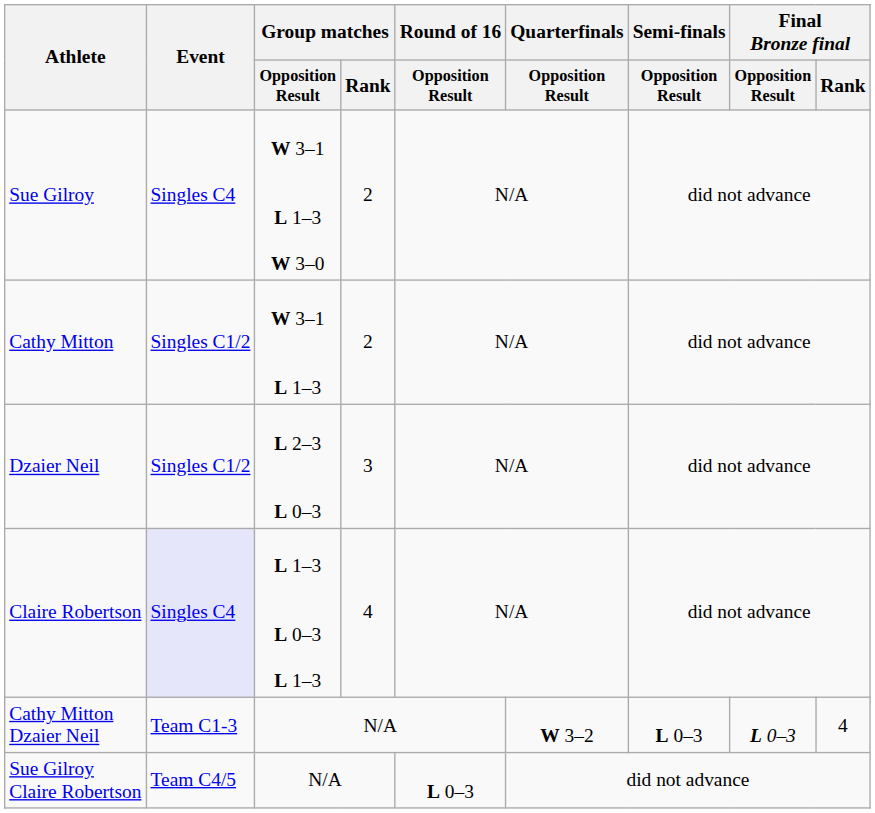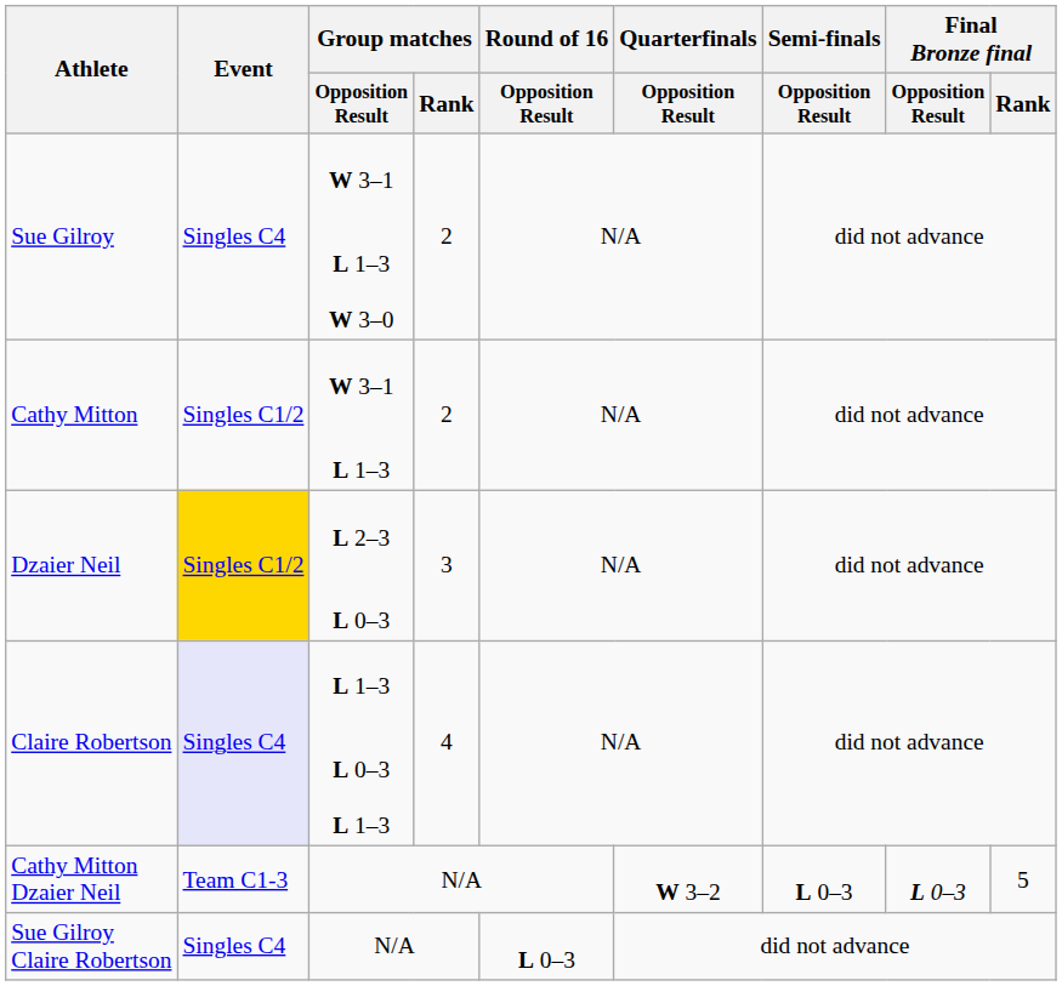 <table class=wikitable style="font-size:90%">
 <tr>
 <th rowspan="2">Athlete</th>
 <th rowspan="2">Event</th>
 <th colspan="2">Group matches</th>
 <th>Round of 16</th>
 <th>Quarterfinals</th>
 <th>Semi-finals</th>
 <th colspan="2">Final<br><em>Bronze final</em></th>
 </tr>
 <tr>
 <th style="line-height:1em"><small>Opposition<br>Result</small></th>
 <th>Rank</th>
 <th style="line-height:1em"><small>Opposition<br>Result</small></th>
 <th style="line-height:1em"><small>Opposition<br>Result</small></th>
 <th style="line-height:1em"><small>Opposition<br>Result</small></th>
 <th style="line-height:1em"><small>Opposition<br>Result</small></th>
 <th>Rank</th>
 </tr>
 <tr>
 <td><a href='#'>Sue Gilroy</a></td>
 <td><a href='#'>Singles C4</a></td>
 <td align="center"><br> <strong>W</strong> 3–1<br><br><br> <strong>L</strong> 1–3<br> <br> <strong>W</strong> 3–0</td>
 <td align="center">2</td>
 <td align="center" colspan="2">N/A</td>
 <td align="center" colspan="3">did not advance</td>
 </tr>
 <tr>
 <td><a href='#'>Cathy Mitton</a></td>
 <td><a href='#'>Singles C1/2</a></td>
 <td align="center"><br> <strong>W</strong> 3–1<br><br><br> <strong>L</strong> 1–3</td>
 <td align="center">2</td>
 <td align="center" colspan="2">N/A</td>
 <td align="center" colspan="3">did not advance</td>
 </tr>
 <tr>
 <td><a href='#'>Dzaier Neil</a></td>
-<td><a href='#'>Singles C1/2</a></td>
+<td style="background: gold;"><a href='#'>Singles C1/2</a></td>
 <td align="center"><br> <strong>L</strong> 2–3<br><br><br> <strong>L</strong> 0–3</td>
 <td align="center">3</td>
 <td align="center" colspan="2">N/A</td>
 <td align="center" colspan="3">did not advance</td>
 </tr>
 <tr>
 <td><a href='#'>Claire Robertson</a></td>
 <td style="background: lavender;"><a href='#'>Singles C4</a></td>
 <td align="center"><br> <strong>L</strong> 1–3<br><br><br> <strong>L</strong> 0–3<br> <br> <strong>L</strong> 1–3</td>
 <td align="center">4</td>
 <td align="center" colspan="2">N/A</td>
 <td align="center" colspan="3">did not advance</td>
 </tr>
 <tr>
 <td><a href='#'>Cathy Mitton</a><br><a href='#'>Dzaier Neil</a></td>
 <td><a href='#'>Team C1-3</a></td>
 <td colspan="3" align="center">N/A</td>
 <td align="center"><br><strong>W</strong> 3–2</td>
 <td align="center"><br><strong>L</strong> 0–3</td>
 <td align="center"><em><br><strong>L</strong> 0–3</em></td>
-<td align="center">4</td>
+<td align="center">5</td>
 </tr>
 <tr>
 <td><a href='#'>Sue Gilroy</a><br><a href='#'>Claire Robertson</a></td>
-<td><a href='#'>Team C4/5</a></td>
+<td><a href='#'>Singles C4</a></td>
 <td colspan="2" align="center">N/A</td>
 <td align="center"><br><strong>L</strong> 0–3</td>
 <td align="center" colspan="4">did not advance</td>
 </tr>
 </table>
